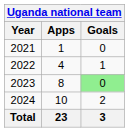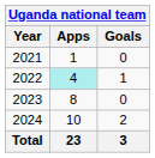 <table class="wikitable" style="text-align:center">
 <tr>
 <th colspan=3><a href='#'>Uganda national team</a></th>
 </tr>
 <tr>
 <th>Year</th>
 <th>Apps</th>
 <th>Goals</th>
 </tr>
 <tr>
 <td>2021</td>
 <td>1</td>
 <td>0</td>
 </tr>
 <tr>
 <td>2022</td>
-<td>4</td>
+<td style="background: paleturquoise;">4</td>
 <td>1</td>
 </tr>
 <tr>
 <td>2023</td>
 <td>8</td>
-<td style="background: lightgreen;">0</td>
+<td>0</td>
 </tr>
 <tr>
 <td>2024</td>
 <td>10</td>
 <td>2</td>
 </tr>
 <tr>
 <th>Total</th>
 <th>23</th>
 <th>3</th>
 </tr>
 </table>
